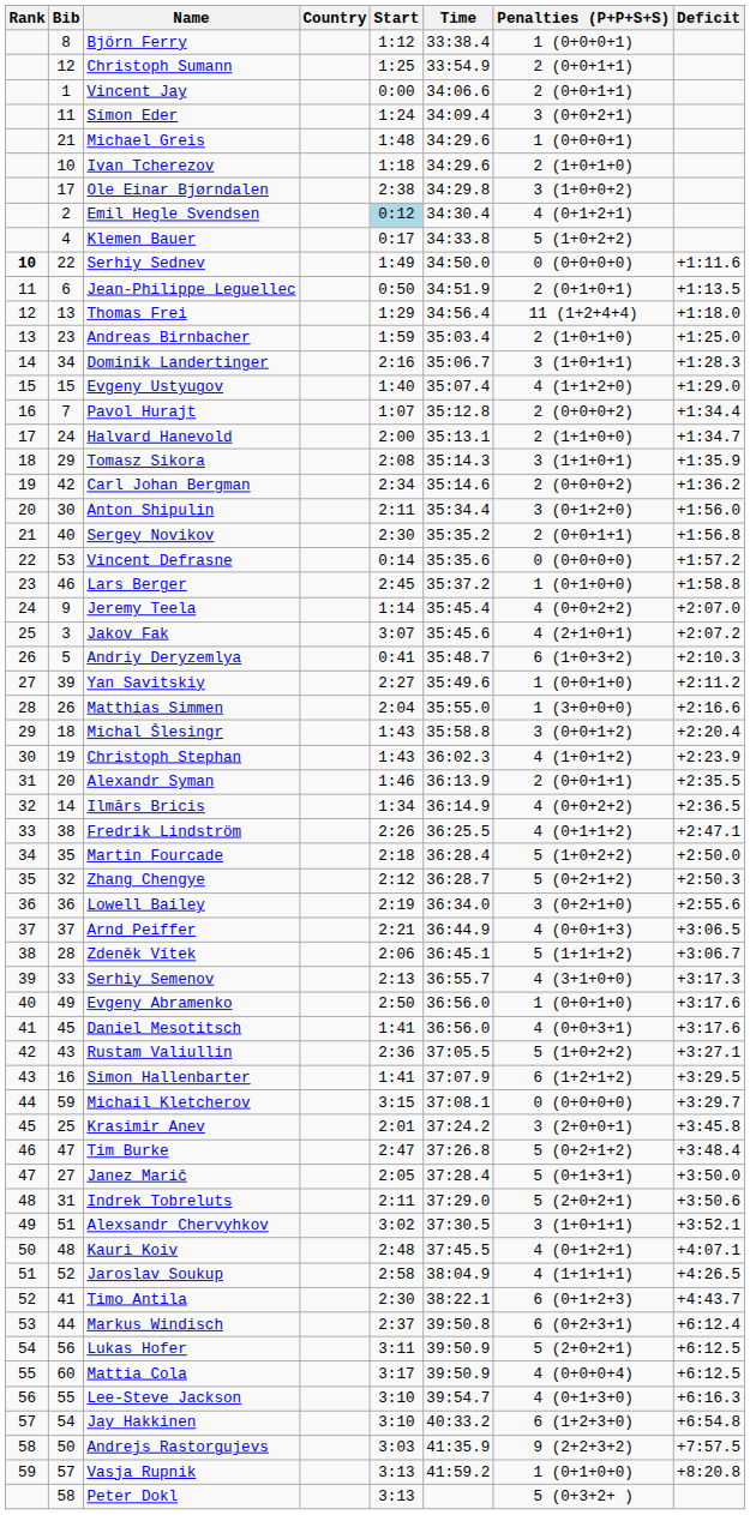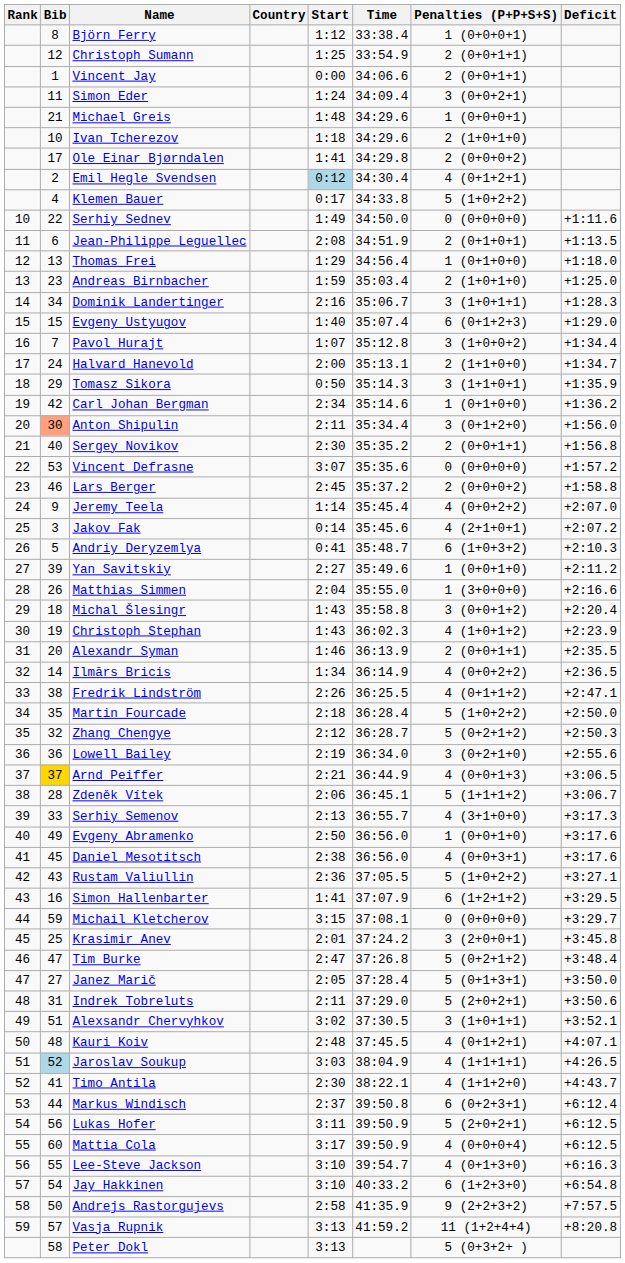 <table class="wikitable sortable" style="text-align:center">
 <tr>
 <th>Rank</th>
 <th>Bib</th>
 <th>Name</th>
 <th>Country</th>
 <th>Start</th>
 <th>Time</th>
 <th data-sort-type=number>Penalties  (P+P+S+S)</th>
 <th>Deficit</th>
 </tr>
 <tr>
 <td></td>
 <td>8</td>
 <td align=left><a href='#'>Björn Ferry</a></td>
 <td align=left></td>
 <td>1:12</td>
 <td>33:38.4</td>
 <td>1 (0+0+0+1)</td>
 <td></td>
 </tr>
 <tr>
 <td></td>
 <td>12</td>
 <td align=left><a href='#'>Christoph Sumann</a></td>
 <td align=left></td>
 <td>1:25</td>
 <td>33:54.9</td>
 <td>2 (0+0+1+1)</td>
 <td></td>
 </tr>
 <tr>
 <td></td>
 <td>1</td>
 <td align=left><a href='#'>Vincent Jay</a></td>
 <td align=left></td>
 <td>0:00</td>
 <td>34:06.6</td>
 <td>2 (0+0+1+1)</td>
 <td></td>
 </tr>
 <tr>
 <td></td>
 <td>11</td>
 <td align=left><a href='#'>Simon Eder</a></td>
 <td align=left></td>
 <td>1:24</td>
 <td>34:09.4</td>
 <td>3 (0+0+2+1)</td>
 <td></td>
 </tr>
 <tr>
 <td></td>
 <td>21</td>
 <td align=left><a href='#'>Michael Greis</a></td>
 <td align=left></td>
 <td>1:48</td>
 <td>34:29.6</td>
 <td>1 (0+0+0+1)</td>
 <td></td>
 </tr>
 <tr>
 <td></td>
 <td>10</td>
 <td align=left><a href='#'>Ivan Tcherezov</a></td>
 <td align=left></td>
 <td>1:18</td>
 <td>34:29.6</td>
 <td>2 (1+0+1+0)</td>
 <td></td>
 </tr>
 <tr>
 <td></td>
 <td>17</td>
 <td align=left><a href='#'>Ole Einar Bjørndalen</a></td>
 <td align=left></td>
-<td>2:38</td>
+<td>1:41</td>
 <td>34:29.8</td>
-<td>3 (1+0+0+2)</td>
+<td>2 (0+0+0+2)</td>
 <td></td>
 </tr>
 <tr>
 <td></td>
 <td>2</td>
 <td align=left><a href='#'>Emil Hegle Svendsen</a></td>
 <td align=left></td>
 <td style="background: lightblue;">0:12</td>
 <td>34:30.4</td>
 <td>4 (0+1+2+1)</td>
 <td></td>
 </tr>
 <tr>
 <td></td>
 <td>4</td>
 <td align=left><a href='#'>Klemen Bauer</a></td>
 <td align=left></td>
 <td>0:17</td>
 <td>34:33.8</td>
 <td>5 (1+0+2+2)</td>
 <td></td>
 </tr>
 <tr>
-<td><strong>10</strong></td>
+<td>10</td>
 <td>22</td>
 <td align=left><a href='#'>Serhiy Sednev</a></td>
 <td align=left></td>
 <td>1:49</td>
 <td>34:50.0</td>
 <td>0 (0+0+0+0)</td>
 <td>+1:11.6</td>
 </tr>
 <tr>
 <td>11</td>
 <td>6</td>
 <td align=left><a href='#'>Jean-Philippe Leguellec</a></td>
 <td align=left></td>
-<td>0:50</td>
+<td>2:08</td>
 <td>34:51.9</td>
 <td>2 (0+1+0+1)</td>
 <td>+1:13.5</td>
 </tr>
 <tr>
 <td>12</td>
 <td>13</td>
 <td align=left><a href='#'>Thomas Frei</a></td>
 <td align=left></td>
 <td>1:29</td>
 <td>34:56.4</td>
-<td>11 (1+2+4+4)</td>
+<td>1 (0+1+0+0)</td>
 <td>+1:18.0</td>
 </tr>
 <tr>
 <td>13</td>
 <td>23</td>
 <td align=left><a href='#'>Andreas Birnbacher</a></td>
 <td align=left></td>
 <td>1:59</td>
 <td>35:03.4</td>
 <td>2 (1+0+1+0)</td>
 <td>+1:25.0</td>
 </tr>
 <tr>
 <td>14</td>
 <td>34</td>
 <td align=left><a href='#'>Dominik Landertinger</a></td>
 <td align=left></td>
 <td>2:16</td>
 <td>35:06.7</td>
 <td>3 (1+0+1+1)</td>
 <td>+1:28.3</td>
 </tr>
 <tr>
 <td>15</td>
 <td>15</td>
 <td align=left><a href='#'>Evgeny Ustyugov</a></td>
 <td align=left></td>
 <td>1:40</td>
 <td>35:07.4</td>
-<td>4 (1+1+2+0)</td>
+<td>6 (0+1+2+3)</td>
 <td>+1:29.0</td>
 </tr>
 <tr>
 <td>16</td>
 <td>7</td>
 <td align=left><a href='#'>Pavol Hurajt</a></td>
 <td align=left></td>
 <td>1:07</td>
 <td>35:12.8</td>
-<td>2 (0+0+0+2)</td>
+<td>3 (1+0+0+2)</td>
 <td>+1:34.4</td>
 </tr>
 <tr>
 <td>17</td>
 <td>24</td>
 <td align=left><a href='#'>Halvard Hanevold</a></td>
 <td align=left></td>
 <td>2:00</td>
 <td>35:13.1</td>
 <td>2 (1+1+0+0)</td>
 <td>+1:34.7</td>
 </tr>
 <tr>
 <td>18</td>
 <td>29</td>
 <td align=left><a href='#'>Tomasz Sikora</a></td>
 <td align=left></td>
-<td>2:08</td>
+<td>0:50</td>
 <td>35:14.3</td>
 <td>3 (1+1+0+1)</td>
 <td>+1:35.9</td>
 </tr>
 <tr>
 <td>19</td>
 <td>42</td>
 <td align=left><a href='#'>Carl Johan Bergman</a></td>
 <td align=left></td>
 <td>2:34</td>
 <td>35:14.6</td>
-<td>2 (0+0+0+2)</td>
+<td>1 (0+1+0+0)</td>
 <td>+1:36.2</td>
 </tr>
 <tr>
 <td>20</td>
-<td>30</td>
+<td style="background: lightsalmon;">30</td>
 <td align=left><a href='#'>Anton Shipulin</a></td>
 <td align=left></td>
 <td>2:11</td>
 <td>35:34.4</td>
 <td>3 (0+1+2+0)</td>
 <td>+1:56.0</td>
 </tr>
 <tr>
 <td>21</td>
 <td>40</td>
 <td align=left><a href='#'>Sergey Novikov</a></td>
 <td align=left></td>
 <td>2:30</td>
 <td>35:35.2</td>
 <td>2 (0+0+1+1)</td>
 <td>+1:56.8</td>
 </tr>
 <tr>
 <td>22</td>
 <td>53</td>
 <td align=left><a href='#'>Vincent Defrasne</a></td>
 <td align=left></td>
-<td>0:14</td>
+<td>3:07</td>
 <td>35:35.6</td>
 <td>0 (0+0+0+0)</td>
 <td>+1:57.2</td>
 </tr>
 <tr>
 <td>23</td>
 <td>46</td>
 <td align=left><a href='#'>Lars Berger</a></td>
 <td align=left></td>
 <td>2:45</td>
 <td>35:37.2</td>
-<td>1 (0+1+0+0)</td>
+<td>2 (0+0+0+2)</td>
 <td>+1:58.8</td>
 </tr>
 <tr>
 <td>24</td>
 <td>9</td>
 <td align=left><a href='#'>Jeremy Teela</a></td>
 <td align=left></td>
 <td>1:14</td>
 <td>35:45.4</td>
 <td>4 (0+0+2+2)</td>
 <td>+2:07.0</td>
 </tr>
 <tr>
 <td>25</td>
 <td>3</td>
 <td align=left><a href='#'>Jakov Fak</a></td>
 <td align=left></td>
-<td>3:07</td>
+<td>0:14</td>
 <td>35:45.6</td>
 <td>4 (2+1+0+1)</td>
 <td>+2:07.2</td>
 </tr>
 <tr>
 <td>26</td>
 <td>5</td>
 <td align=left><a href='#'>Andriy Deryzemlya</a></td>
 <td align=left></td>
 <td>0:41</td>
 <td>35:48.7</td>
 <td>6 (1+0+3+2)</td>
 <td>+2:10.3</td>
 </tr>
 <tr>
 <td>27</td>
 <td>39</td>
 <td align=left><a href='#'>Yan Savitskiy</a></td>
 <td align=left></td>
 <td>2:27</td>
 <td>35:49.6</td>
 <td>1 (0+0+1+0)</td>
 <td>+2:11.2</td>
 </tr>
 <tr>
 <td>28</td>
 <td>26</td>
 <td align=left><a href='#'>Matthias Simmen</a></td>
 <td align=left></td>
 <td>2:04</td>
 <td>35:55.0</td>
 <td>1 (3+0+0+0)</td>
 <td>+2:16.6</td>
 </tr>
 <tr>
 <td>29</td>
 <td>18</td>
 <td align=left><a href='#'>Michal Šlesingr</a></td>
 <td align=left></td>
 <td>1:43</td>
 <td>35:58.8</td>
 <td>3 (0+0+1+2)</td>
 <td>+2:20.4</td>
 </tr>
 <tr>
 <td>30</td>
 <td>19</td>
 <td align=left><a href='#'>Christoph Stephan</a></td>
 <td align=left></td>
 <td>1:43</td>
 <td>36:02.3</td>
 <td>4 (1+0+1+2)</td>
 <td>+2:23.9</td>
 </tr>
 <tr>
 <td>31</td>
 <td>20</td>
 <td align=left><a href='#'>Alexandr Syman</a></td>
 <td align=left></td>
 <td>1:46</td>
 <td>36:13.9</td>
 <td>2 (0+0+1+1)</td>
 <td>+2:35.5</td>
 </tr>
 <tr>
 <td>32</td>
 <td>14</td>
 <td align=left><a href='#'>Ilmārs Bricis</a></td>
 <td align=left></td>
 <td>1:34</td>
 <td>36:14.9</td>
 <td>4 (0+0+2+2)</td>
 <td>+2:36.5</td>
 </tr>
 <tr>
 <td>33</td>
 <td>38</td>
 <td align=left><a href='#'>Fredrik Lindström</a></td>
 <td align=left></td>
 <td>2:26</td>
 <td>36:25.5</td>
 <td>4 (0+1+1+2)</td>
 <td>+2:47.1</td>
 </tr>
 <tr>
 <td>34</td>
 <td>35</td>
 <td align=left><a href='#'>Martin Fourcade</a></td>
 <td align=left></td>
 <td>2:18</td>
 <td>36:28.4</td>
 <td>5 (1+0+2+2)</td>
 <td>+2:50.0</td>
 </tr>
 <tr>
 <td>35</td>
 <td>32</td>
 <td align=left><a href='#'>Zhang Chengye</a></td>
 <td align=left></td>
 <td>2:12</td>
 <td>36:28.7</td>
 <td>5 (0+2+1+2)</td>
 <td>+2:50.3</td>
 </tr>
 <tr>
 <td>36</td>
 <td>36</td>
 <td align=left><a href='#'>Lowell Bailey</a></td>
 <td align=left></td>
 <td>2:19</td>
 <td>36:34.0</td>
 <td>3 (0+2+1+0)</td>
 <td>+2:55.6</td>
 </tr>
 <tr>
 <td>37</td>
-<td>37</td>
+<td style="background: gold;">37</td>
 <td align=left><a href='#'>Arnd Peiffer</a></td>
 <td align=left></td>
 <td>2:21</td>
 <td>36:44.9</td>
 <td>4 (0+0+1+3)</td>
 <td>+3:06.5</td>
 </tr>
 <tr>
 <td>38</td>
 <td>28</td>
 <td align=left><a href='#'>Zdeněk Vítek</a></td>
 <td align=left></td>
 <td>2:06</td>
 <td>36:45.1</td>
 <td>5 (1+1+1+2)</td>
 <td>+3:06.7</td>
 </tr>
 <tr>
 <td>39</td>
 <td>33</td>
 <td align=left><a href='#'>Serhiy Semenov</a></td>
 <td align=left></td>
 <td>2:13</td>
 <td>36:55.7</td>
 <td>4 (3+1+0+0)</td>
 <td>+3:17.3</td>
 </tr>
 <tr>
 <td>40</td>
 <td>49</td>
 <td align=left><a href='#'>Evgeny Abramenko</a></td>
 <td align=left></td>
 <td>2:50</td>
 <td>36:56.0</td>
 <td>1 (0+0+1+0)</td>
 <td>+3:17.6</td>
 </tr>
 <tr>
 <td>41</td>
 <td>45</td>
 <td align=left><a href='#'>Daniel Mesotitsch</a></td>
 <td align=left></td>
-<td>1:41</td>
+<td>2:38</td>
 <td>36:56.0</td>
 <td>4 (0+0+3+1)</td>
 <td>+3:17.6</td>
 </tr>
 <tr>
 <td>42</td>
 <td>43</td>
 <td align=left><a href='#'>Rustam Valiullin</a></td>
 <td align=left></td>
 <td>2:36</td>
 <td>37:05.5</td>
 <td>5 (1+0+2+2)</td>
 <td>+3:27.1</td>
 </tr>
 <tr>
 <td>43</td>
 <td>16</td>
 <td align=left><a href='#'>Simon Hallenbarter</a></td>
 <td align=left></td>
 <td>1:41</td>
 <td>37:07.9</td>
 <td>6 (1+2+1+2)</td>
 <td>+3:29.5</td>
 </tr>
 <tr>
 <td>44</td>
 <td>59</td>
 <td align=left><a href='#'>Michail Kletcherov</a></td>
 <td align=left></td>
 <td>3:15</td>
 <td>37:08.1</td>
 <td>0 (0+0+0+0)</td>
 <td>+3:29.7</td>
 </tr>
 <tr>
 <td>45</td>
 <td>25</td>
 <td align=left><a href='#'>Krasimir Anev</a></td>
 <td align=left></td>
 <td>2:01</td>
 <td>37:24.2</td>
 <td>3 (2+0+0+1)</td>
 <td>+3:45.8</td>
 </tr>
 <tr>
 <td>46</td>
 <td>47</td>
 <td align=left><a href='#'>Tim Burke</a></td>
 <td align=left></td>
 <td>2:47</td>
 <td>37:26.8</td>
 <td>5 (0+2+1+2)</td>
 <td>+3:48.4</td>
 </tr>
 <tr>
 <td>47</td>
 <td>27</td>
 <td align=left><a href='#'>Janez Marič</a></td>
 <td align=left></td>
 <td>2:05</td>
 <td>37:28.4</td>
 <td>5 (0+1+3+1)</td>
 <td>+3:50.0</td>
 </tr>
 <tr>
 <td>48</td>
 <td>31</td>
 <td align=left><a href='#'>Indrek Tobreluts</a></td>
 <td align=left></td>
 <td>2:11</td>
 <td>37:29.0</td>
 <td>5 (2+0+2+1)</td>
 <td>+3:50.6</td>
 </tr>
 <tr>
 <td>49</td>
 <td>51</td>
 <td align=left><a href='#'>Alexsandr Chervyhkov</a></td>
 <td align=left></td>
 <td>3:02</td>
 <td>37:30.5</td>
 <td>3 (1+0+1+1)</td>
 <td>+3:52.1</td>
 </tr>
 <tr>
 <td>50</td>
 <td>48</td>
 <td align=left><a href='#'>Kauri Koiv</a></td>
 <td align=left></td>
 <td>2:48</td>
 <td>37:45.5</td>
 <td>4 (0+1+2+1)</td>
 <td>+4:07.1</td>
 </tr>
 <tr>
 <td>51</td>
-<td>52</td>
+<td style="background: lightblue;">52</td>
 <td align=left><a href='#'>Jaroslav Soukup</a></td>
 <td align=left></td>
-<td>2:58</td>
+<td>3:03</td>
 <td>38:04.9</td>
 <td>4 (1+1+1+1)</td>
 <td>+4:26.5</td>
 </tr>
 <tr>
 <td>52</td>
 <td>41</td>
 <td align=left><a href='#'>Timo Antila</a></td>
 <td align=left></td>
 <td>2:30</td>
 <td>38:22.1</td>
-<td>6 (0+1+2+3)</td>
+<td>4 (1+1+2+0)</td>
 <td>+4:43.7</td>
 </tr>
 <tr>
 <td>53</td>
 <td>44</td>
 <td align=left><a href='#'>Markus Windisch</a></td>
 <td align=left></td>
 <td>2:37</td>
 <td>39:50.8</td>
 <td>6 (0+2+3+1)</td>
 <td>+6:12.4</td>
 </tr>
 <tr>
 <td>54</td>
 <td>56</td>
 <td align=left><a href='#'>Lukas Hofer</a></td>
 <td align=left></td>
 <td>3:11</td>
 <td>39:50.9</td>
 <td>5 (2+0+2+1)</td>
 <td>+6:12.5</td>
 </tr>
 <tr>
 <td>55</td>
 <td>60</td>
 <td align=left><a href='#'>Mattia Cola</a></td>
 <td align=left></td>
 <td>3:17</td>
 <td>39:50.9</td>
 <td>4 (0+0+0+4)</td>
 <td>+6:12.5</td>
 </tr>
 <tr>
 <td>56</td>
 <td>55</td>
 <td align=left><a href='#'>Lee-Steve Jackson</a></td>
 <td align=left></td>
 <td>3:10</td>
 <td>39:54.7</td>
 <td>4 (0+1+3+0)</td>
 <td>+6:16.3</td>
 </tr>
 <tr>
 <td>57</td>
 <td>54</td>
 <td align=left><a href='#'>Jay Hakkinen</a></td>
 <td align=left></td>
 <td>3:10</td>
 <td>40:33.2</td>
 <td>6 (1+2+3+0)</td>
 <td>+6:54.8</td>
 </tr>
 <tr>
 <td>58</td>
 <td>50</td>
 <td align=left><a href='#'>Andrejs Rastorgujevs</a></td>
 <td align=left></td>
-<td>3:03</td>
+<td>2:58</td>
 <td>41:35.9</td>
 <td>9 (2+2+3+2)</td>
 <td>+7:57.5</td>
 </tr>
 <tr>
 <td>59</td>
 <td>57</td>
 <td align=left><a href='#'>Vasja Rupnik</a></td>
 <td align=left></td>
 <td>3:13</td>
 <td>41:59.2</td>
-<td>1 (0+1+0+0)</td>
+<td>11 (1+2+4+4)</td>
 <td>+8:20.8</td>
 </tr>
 <tr>
 <td></td>
 <td>58</td>
 <td align=left><a href='#'>Peter Dokl</a></td>
 <td align=left></td>
 <td>3:13</td>
 <td></td>
 <td>5 (0+3+2+ )</td>
 <td></td>
 </tr>
 </table>
